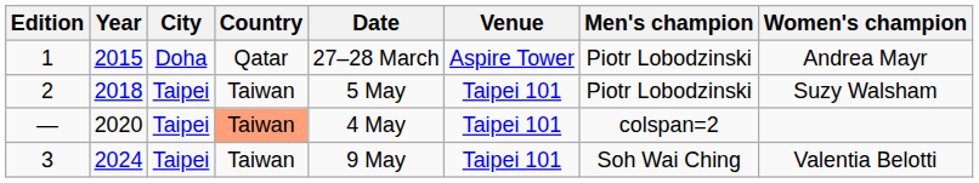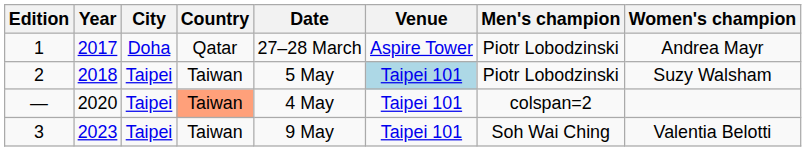 <table class="wikitable" style="text-align:center; font-size:90%;">
 <tr>
 <th>Edition</th>
 <th>Year</th>
 <th>City</th>
 <th>Country</th>
 <th>Date</th>
 <th>Venue</th>
 <th>Men's champion</th>
 <th>Women's champion</th>
 </tr>
 <tr>
 <td>1</td>
-<td><a href='#'>2015</a></td>
+<td><a href='#'>2017</a></td>
 <td><a href='#'>Doha</a></td>
 <td>Qatar</td>
 <td>27–28 March</td>
 <td><a href='#'>Aspire Tower</a></td>
 <td>Piotr Lobodzinski</td>
 <td>Andrea Mayr</td>
 </tr>
 <tr>
 <td>2</td>
 <td><a href='#'>2018</a></td>
 <td><a href='#'>Taipei</a></td>
 <td>Taiwan</td>
 <td>5 May</td>
-<td><a href='#'>Taipei 101</a></td>
+<td style="background: lightblue;"><a href='#'>Taipei 101</a></td>
 <td>Piotr Lobodzinski</td>
 <td>Suzy Walsham</td>
 </tr>
 <tr>
 <td>—</td>
 <td>2020</td>
 <td><a href='#'>Taipei</a></td>
 <td style="background: lightsalmon;">Taiwan</td>
 <td>4 May</td>
 <td><a href='#'>Taipei 101</a></td>
 <td>colspan=2 </td>
 </tr>
 <tr>
 <td>3</td>
-<td><a href='#'>2024</a></td>
+<td><a href='#'>2023</a></td>
 <td><a href='#'>Taipei</a></td>
 <td>Taiwan</td>
 <td>9 May</td>
 <td><a href='#'>Taipei 101</a></td>
 <td> Soh Wai Ching</td>
 <td> Valentia Belotti</td>
 </tr>
 </table>
